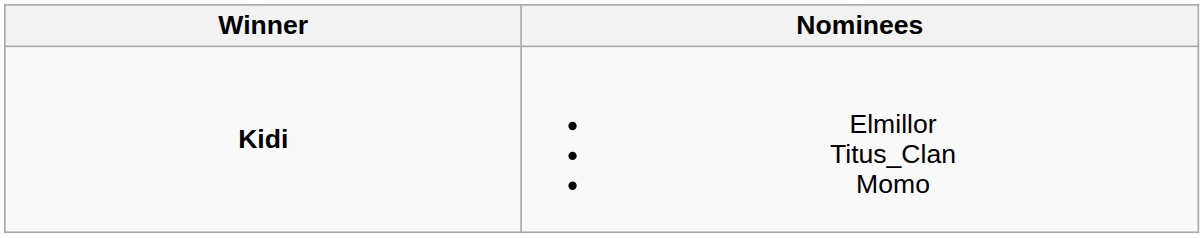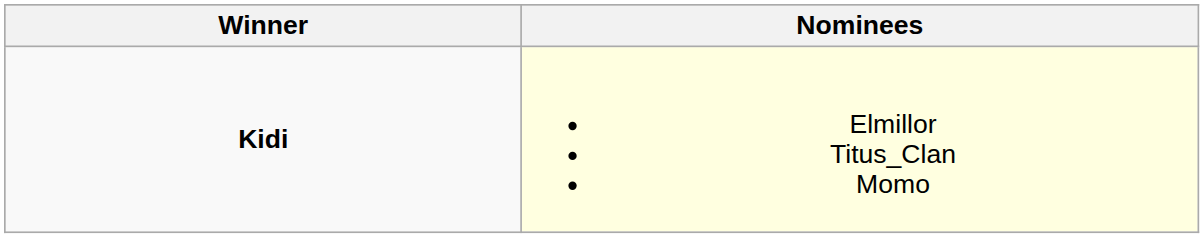 <table class="wikitable" style="text-align:center;">
 <tr>
 <th scope="col" style="width:19em;">Winner</th>
 <th scope="col" style="width:25em;">Nominees</th>
 </tr>
 <tr>
 <td><strong> Kidi</strong></td>
-<td><br><ul><li> Elmillor</li><li> Titus_Clan</li><li> Momo</li></ul></td>
+<td style="background: lightyellow;"><br><ul><li> Elmillor</li><li> Titus_Clan</li><li> Momo</li></ul></td>
 </tr>
 </table>
